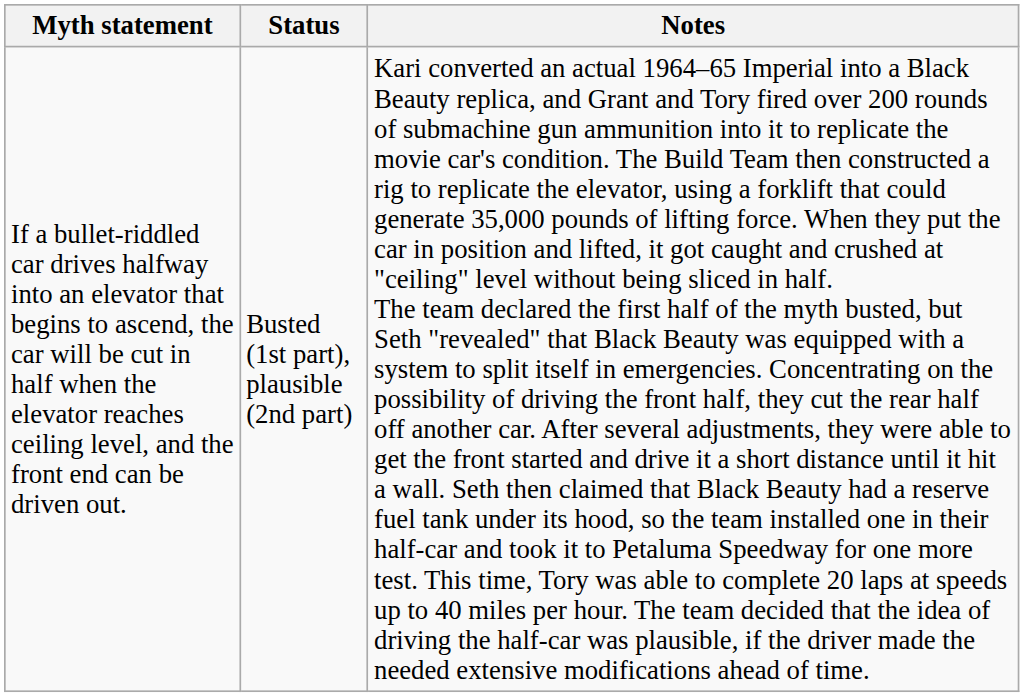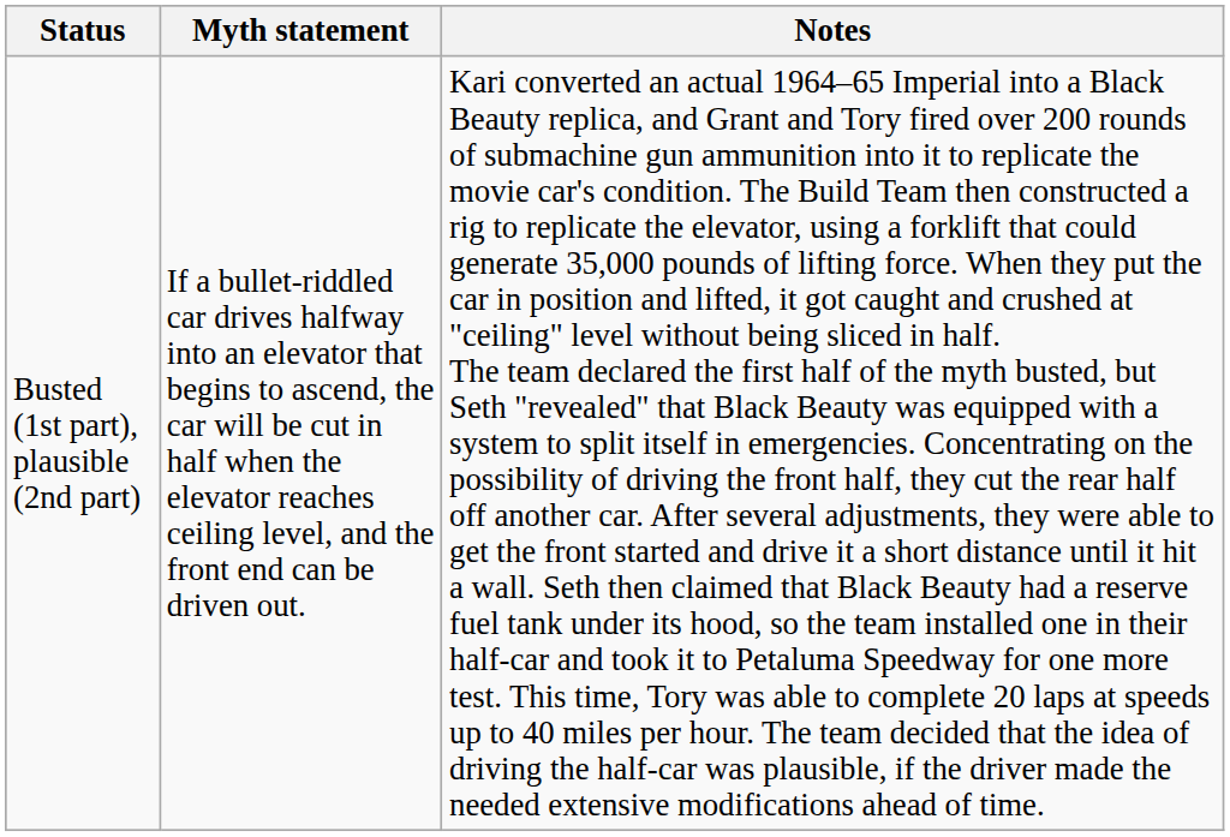 <table class="wikitable plainrowheaders">
 <tr>
+<th>Status</th>
 <th>Myth statement</th>
-<th>Status</th>
 <th>Notes</th>
 </tr>
 <tr>
+<td><span>Busted</span> (1st part), <span>plausible</span> (2nd part)</td>
 <td>If a bullet-riddled car drives halfway into an elevator that begins to ascend, the car will be cut in half when the elevator reaches ceiling level, and the front end can be driven out.</td>
-<td><span>Busted</span> (1st part), <span>plausible</span> (2nd part)</td>
 <td>Kari converted an actual 1964–65 Imperial into a Black Beauty replica, and Grant and Tory fired over 200 rounds of submachine gun ammunition into it to replicate the movie car's condition. The Build Team then constructed a rig to replicate the elevator, using a forklift that could generate 35,000 pounds of lifting force. When they put the car in position and lifted, it got caught and crushed at "ceiling" level without being sliced in half.<br>The team declared the first half of the myth busted, but Seth "revealed" that Black Beauty was equipped with a system to split itself in emergencies. Concentrating on the possibility of driving the front half, they cut the rear half off another car. After several adjustments, they were able to get the front started and drive it a short distance until it hit a wall. Seth then claimed that Black Beauty had a reserve fuel tank under its hood, so the team installed one in their half-car and took it to Petaluma Speedway for one more test. This time, Tory was able to complete 20 laps at speeds up to 40 miles  per hour. The team decided that the idea of driving the half-car was plausible, if the driver made the needed extensive modifications ahead of time.</td>
 </tr>
 </table>
